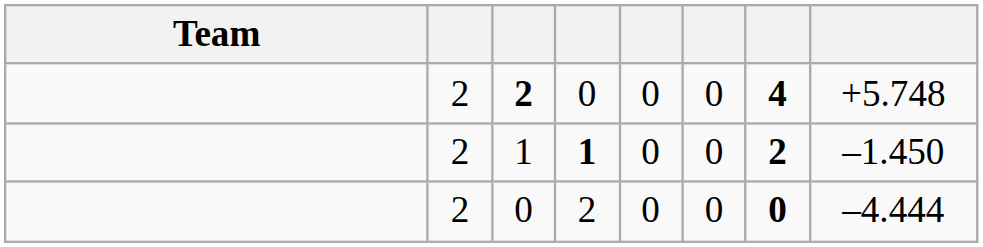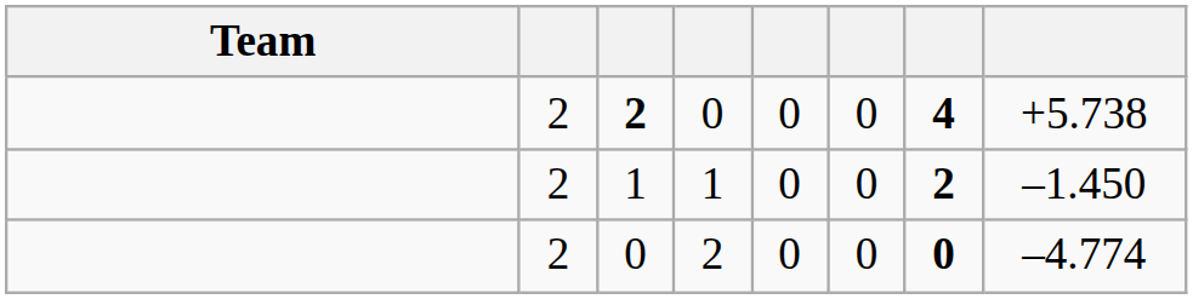 <table class="wikitable" style="text-align:center">
 <tr>
 <th style="width:175px;">Team</th>
 <th style="width:20px;"></th>
 <th style="width:20px;"></th>
 <th style="width:20px;"></th>
 <th style="width:20px;"></th>
 <th style="width:20px;"></th>
 <th style="width:20px;"></th>
 <th style="width:65px;"></th>
 </tr>
 <tr>
 <td style="text-align:left"></td>
 <td>2</td>
 <td><strong>2</strong></td>
 <td>0</td>
 <td>0</td>
 <td>0</td>
 <td><strong>4</strong></td>
-<td>+5.748</td>
+<td>+5.738</td>
 </tr>
 <tr>
 <td style="text-align:left"></td>
 <td>2</td>
 <td>1</td>
-<td><strong>1</strong></td>
+<td>1</td>
 <td>0</td>
 <td>0</td>
 <td><strong>2</strong></td>
 <td>–1.450</td>
 </tr>
 <tr>
 <td style="text-align:left"></td>
 <td>2</td>
 <td>0</td>
 <td>2</td>
 <td>0</td>
 <td>0</td>
 <td><strong>0</strong></td>
-<td>–4.444</td>
+<td>–4.774</td>
 </tr>
 </table>
